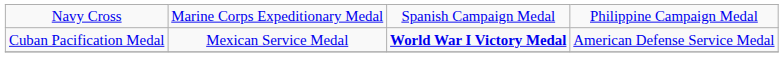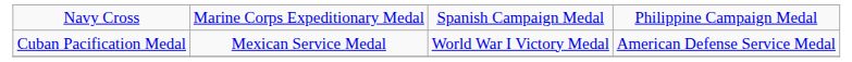 <table class="wikitable" style="margin:1em auto; text-align:center;">
 <tr>
 <td><a href='#'>Navy Cross</a></td>
 <td><a href='#'>Marine Corps Expeditionary Medal</a></td>
 <td><a href='#'>Spanish Campaign Medal</a></td>
 <td><a href='#'>Philippine Campaign Medal</a></td>
 </tr>
 <tr>
 <td><a href='#'>Cuban Pacification Medal</a></td>
 <td><a href='#'>Mexican Service Medal</a></td>
-<td><strong><a href='#'>World War I Victory Medal</a></strong></td>
+<td><a href='#'>World War I Victory Medal</a></td>
 <td><a href='#'>American Defense Service Medal</a></td>
 </tr>
 <tr>
 </tr>
 </table>
